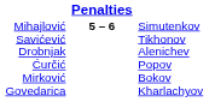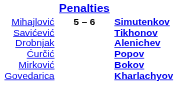 <table cellspacing=0 style="width: 100%;">
 <tr>
 <td align=center rowspan=2 width=15%> </td>
 <td width=24%> </td>
 <td width=13% align=center><strong><a href='#'>Penalties</a></strong></td>
 <td width=24%> </td>
 </tr>
 <tr style=font-size:85%>
 <td align=right valign=top><a href='#'>Mihajlović</a> <br><a href='#'>Savićević</a> <br><a href='#'>Drobnjak</a> <br><a href='#'>Ćurčić</a> <br><a href='#'>Mirković</a> <br><a href='#'>Govedarica</a> </td>
 <td align=center valign=top><strong>5 – 6</strong></td>
-<td valign=top> <a href='#'>Simutenkov</a><br> <a href='#'>Tikhonov</a><br> <a href='#'>Alenichev</a><br> <a href='#'>Popov</a><br> <a href='#'>Bokov</a><br> <a href='#'>Kharlachyov</a></td>
+<td valign=top><strong> <a href='#'>Simutenkov</a><br> <a href='#'>Tikhonov</a><br> <a href='#'>Alenichev</a><br> <a href='#'>Popov</a><br> <a href='#'>Bokov</a><br> <a href='#'>Kharlachyov</a></strong></td>
 <td> </td>
 </tr>
 </table>
